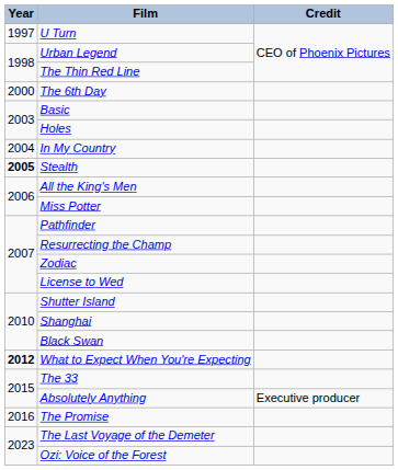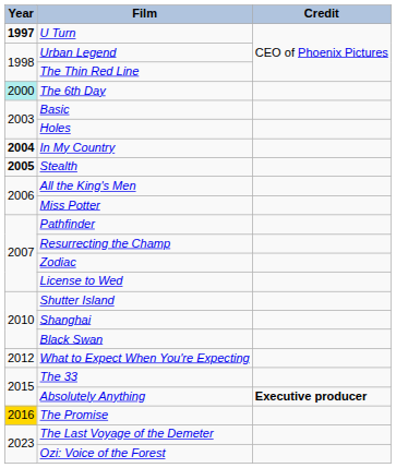 <table class="wikitable">
 <tr>
 <th style="background:#B0C4DE;">Year</th>
 <th style="background:#B0C4DE;">Film</th>
 <th style="background:#B0C4DE;">Credit</th>
 </tr>
 <tr>
-<td>1997</td>
+<td><strong>1997</strong></td>
 <td><em><a href='#'>U Turn</a></em></td>
 <td rowspan=3>CEO of <a href='#'>Phoenix Pictures</a></td>
 </tr>
 <tr>
 <td rowspan=2>1998</td>
 <td><em><a href='#'>Urban Legend</a></em></td>
 </tr>
 <tr>
 <td><em><a href='#'>The Thin Red Line</a></em></td>
 </tr>
 <tr>
-<td>2000</td>
+<td style="background: paleturquoise;">2000</td>
 <td><em><a href='#'>The 6th Day</a></em></td>
 <td></td>
 </tr>
 <tr>
 <td rowspan=2>2003</td>
 <td><em><a href='#'>Basic</a></em></td>
 <td></td>
 </tr>
 <tr>
 <td><em><a href='#'>Holes</a></em></td>
 <td></td>
 </tr>
 <tr>
-<td>2004</td>
+<td><strong>2004</strong></td>
 <td><em><a href='#'>In My Country</a></em></td>
 <td></td>
 </tr>
 <tr>
 <td><strong>2005</strong></td>
 <td><em><a href='#'>Stealth</a></em></td>
 <td></td>
 </tr>
 <tr>
 <td rowspan=2>2006</td>
 <td><em><a href='#'>All the King's Men</a></em></td>
 <td></td>
 </tr>
 <tr>
 <td><em><a href='#'>Miss Potter</a></em></td>
 <td></td>
 </tr>
 <tr>
 <td rowspan=4>2007</td>
 <td><em><a href='#'>Pathfinder</a></em></td>
 <td></td>
 </tr>
 <tr>
 <td><em><a href='#'>Resurrecting the Champ</a></em></td>
 <td></td>
 </tr>
 <tr>
 <td><em><a href='#'>Zodiac</a></em></td>
 <td></td>
 </tr>
 <tr>
 <td><em><a href='#'>License to Wed</a></em></td>
 <td></td>
 </tr>
 <tr>
 <td rowspan=3>2010</td>
 <td><em><a href='#'>Shutter Island</a></em></td>
 <td></td>
 </tr>
 <tr>
 <td><em><a href='#'>Shanghai</a></em></td>
 <td></td>
 </tr>
 <tr>
 <td><em><a href='#'>Black Swan</a></em></td>
 <td></td>
 </tr>
 <tr>
-<td><strong>2012</strong></td>
+<td>2012</td>
 <td><em><a href='#'>What to Expect When You're Expecting</a></em></td>
 <td></td>
 </tr>
 <tr>
 <td rowspan=2>2015</td>
 <td><em><a href='#'>The 33</a></em></td>
 <td></td>
 </tr>
 <tr>
 <td><em><a href='#'>Absolutely Anything</a></em></td>
-<td>Executive producer</td>
+<td><strong>Executive producer</strong></td>
 </tr>
 <tr>
-<td>2016</td>
+<td style="background: gold;">2016</td>
 <td><em><a href='#'>The Promise</a></em></td>
 <td></td>
 </tr>
 <tr>
 <td rowspan=2>2023</td>
 <td><em><a href='#'>The Last Voyage of the Demeter</a></em></td>
 <td></td>
 </tr>
 <tr>
 <td><em><a href='#'>Ozi: Voice of the Forest</a></em></td>
 <td></td>
 </tr>
 </table>
